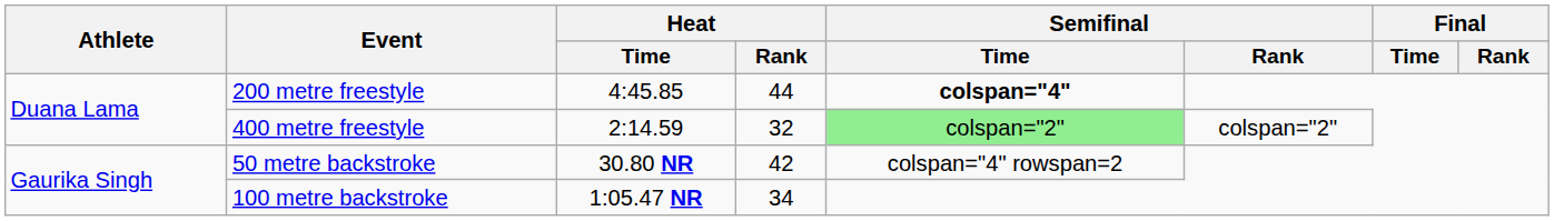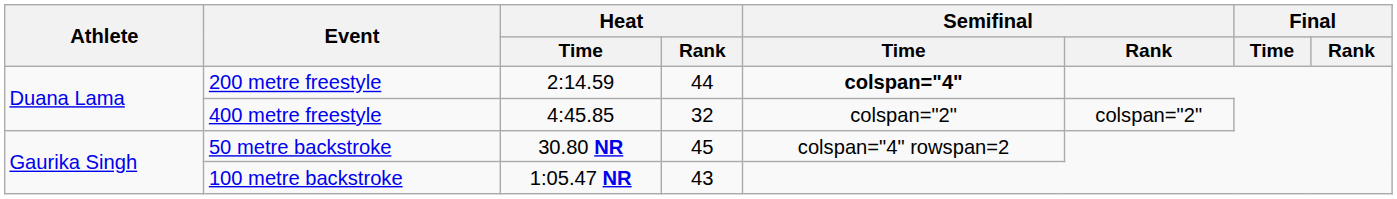 <table class="wikitable" style="text-align:center; font-size:90%; width:50%;">
 <tr>
 <th rowspan="2">Athlete</th>
 <th rowspan="2">Event</th>
 <th colspan="2">Heat</th>
 <th colspan="2">Semifinal</th>
 <th colspan="2">Final</th>
 </tr>
 <tr style="font-size:95%">
 <th>Time</th>
 <th>Rank</th>
 <th>Time</th>
 <th>Rank</th>
 <th>Time</th>
 <th>Rank</th>
 </tr>
 <tr>
 <td align=left rowspan=2><a href='#'>Duana Lama</a></td>
 <td align=left><a href='#'>200 metre freestyle</a></td>
-<td>4:45.85</td>
+<td>2:14.59</td>
 <td>44</td>
 <td><strong>colspan="4" </strong></td>
 </tr>
 <tr>
 <td align=left><a href='#'>400 metre freestyle</a></td>
-<td>2:14.59</td>
+<td>4:45.85</td>
 <td>32</td>
-<td style="background: lightgreen;">colspan="2" </td>
+<td>colspan="2" </td>
 <td>colspan="2" </td>
 </tr>
 <tr>
 <td align=left rowspan=2><a href='#'>Gaurika Singh</a></td>
 <td align=left><a href='#'>50 metre backstroke</a></td>
 <td>30.80 <strong><a href='#'>NR</a></strong></td>
-<td>42</td>
+<td>45</td>
 <td>colspan="4" rowspan=2</td>
 </tr>
 <tr>
 <td align=left><a href='#'>100 metre backstroke</a></td>
 <td>1:05.47 <strong><a href='#'>NR</a></strong></td>
-<td>34</td>
+<td>43</td>
 </tr>
 </table>
